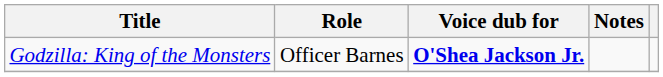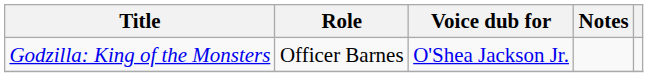 <table class="wikitable sortable plainrowheaders">
 <tr>
 <th>Title</th>
 <th>Role</th>
 <th>Voice dub for</th>
 <th class="unsortable">Notes</th>
 <th class="unsortable"></th>
 </tr>
 <tr>
 <td><em><a href='#'>Godzilla: King of the Monsters</a></em></td>
 <td>Officer Barnes</td>
-<td><strong><a href='#'>O'Shea Jackson Jr.</a></strong></td>
+<td><a href='#'>O'Shea Jackson Jr.</a></td>
 <td></td>
 <td></td>
 </tr>
 <tr>
 </tr>
 </table>
